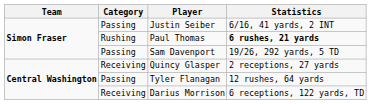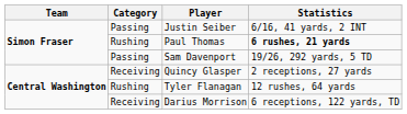 <table class="wikitable" style="float: right;">
 <tr>
 <th>Team</th>
 <th>Category</th>
 <th>Player</th>
 <th>Statistics</th>
 </tr>
 <tr>
 <td rowspan=3><strong>Simon Fraser</strong></td>
 <td>Passing</td>
 <td>Justin Seiber</td>
 <td>6/16, 41 yards, 2 INT</td>
 </tr>
 <tr>
 <td>Rushing</td>
 <td>Paul Thomas</td>
 <td><strong>6 rushes, 21 yards</strong></td>
 </tr>
 <tr>
 <td>Passing</td>
 <td>Sam Davenport</td>
 <td>19/26, 292 yards, 5 TD</td>
 </tr>
 <tr>
 <td rowspan=3><strong>Central Washington</strong></td>
 <td>Receiving</td>
 <td>Quincy Glasper</td>
 <td>2 receptions, 27 yards</td>
 </tr>
 <tr>
-<td>Passing</td>
+<td>Rushing</td>
 <td>Tyler Flanagan</td>
 <td>12 rushes, 64 yards</td>
 </tr>
 <tr>
 <td>Receiving</td>
 <td>Darius Morrison</td>
 <td>6 receptions, 122 yards, TD</td>
 </tr>
 </table>
